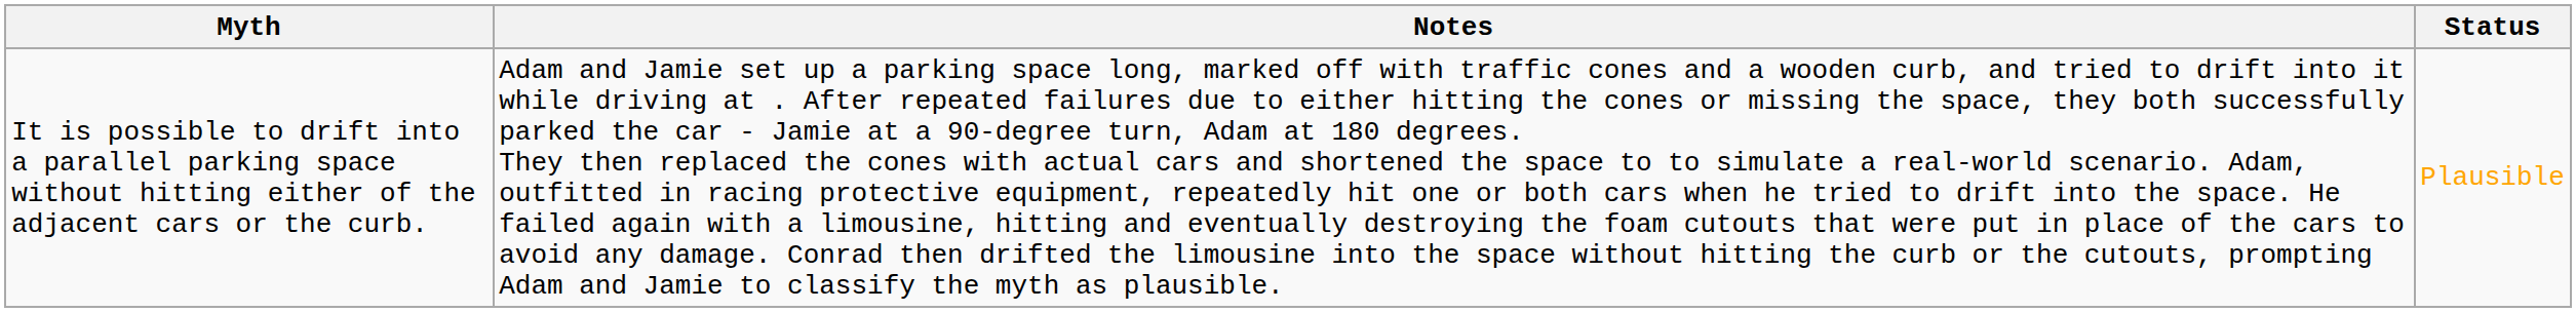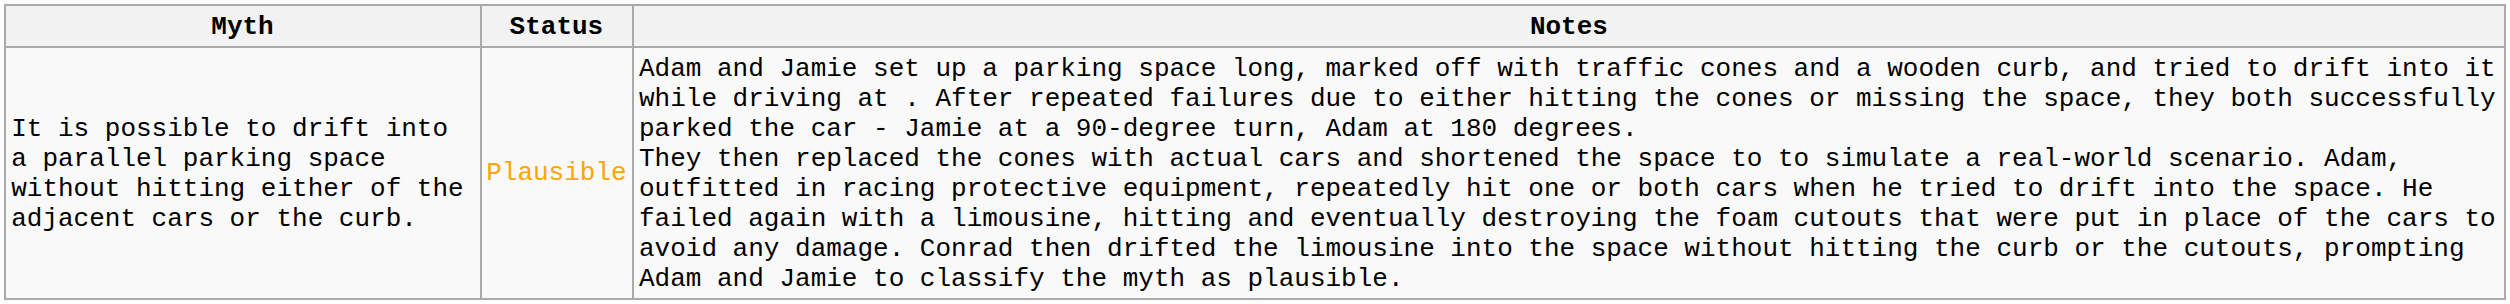 <table class="wikitable plainrowheaders">
 <tr>
 <th scope"col">Myth</th>
+<th scope"col">Status</th>
 <th scope"col">Notes</th>
-<th scope"col">Status</th>
 </tr>
 <tr>
 <td scope"row">It is possible to drift into a parallel parking space without hitting either of the adjacent cars or the curb.</td>
+<td style="color:orange">Plausible</td>
 <td>Adam and Jamie set up a parking space  long, marked off with traffic cones and a wooden curb, and tried to drift into it while driving at . After repeated failures due to either hitting the cones or missing the space, they both successfully parked the car - Jamie at a 90-degree turn, Adam at 180 degrees.<br>They then replaced the cones with actual cars and shortened the space to  to simulate a real-world scenario. Adam, outfitted in racing protective equipment, repeatedly hit one or both cars when he tried to drift into the space. He failed again with a limousine, hitting and eventually destroying the foam cutouts that were put in place of the cars to avoid any damage. Conrad then drifted the limousine into the space without hitting the curb or the cutouts, prompting Adam and Jamie to classify the myth as plausible.</td>
-<td style="color:orange">Plausible</td>
 </tr>
 </table>
